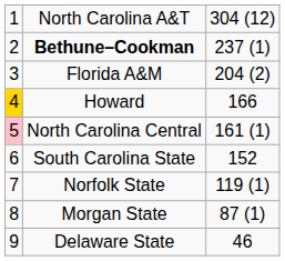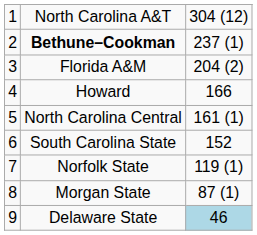 <table class="wikitable">
 <tr align="center">
 </tr>
 <tr align="center">
 <td>1</td>
 <td>North Carolina A&T</td>
 <td>304 (12)</td>
 </tr>
 <tr align="center">
 <td>2</td>
 <td><strong>Bethune–Cookman</strong></td>
 <td>237 (1)</td>
 </tr>
 <tr align="center">
 <td>3</td>
 <td>Florida A&M</td>
 <td>204 (2)</td>
 </tr>
 <tr align="center">
-<td style="background: gold;">4</td>
+<td>4</td>
 <td>Howard</td>
 <td>166</td>
 </tr>
 <tr align="center">
-<td style="background: pink;">5</td>
+<td>5</td>
 <td>North Carolina Central</td>
 <td>161 (1)</td>
 </tr>
 <tr align="center">
 <td>6</td>
 <td>South Carolina State</td>
 <td>152</td>
 </tr>
 <tr align="center">
 <td>7</td>
 <td>Norfolk State</td>
 <td>119 (1)</td>
 </tr>
 <tr align="center">
 <td>8</td>
 <td>Morgan State</td>
 <td>87 (1)</td>
 </tr>
 <tr align="center">
 <td>9</td>
 <td>Delaware State</td>
-<td>46</td>
+<td style="background: lightblue;">46</td>
 </tr>
 </table>
